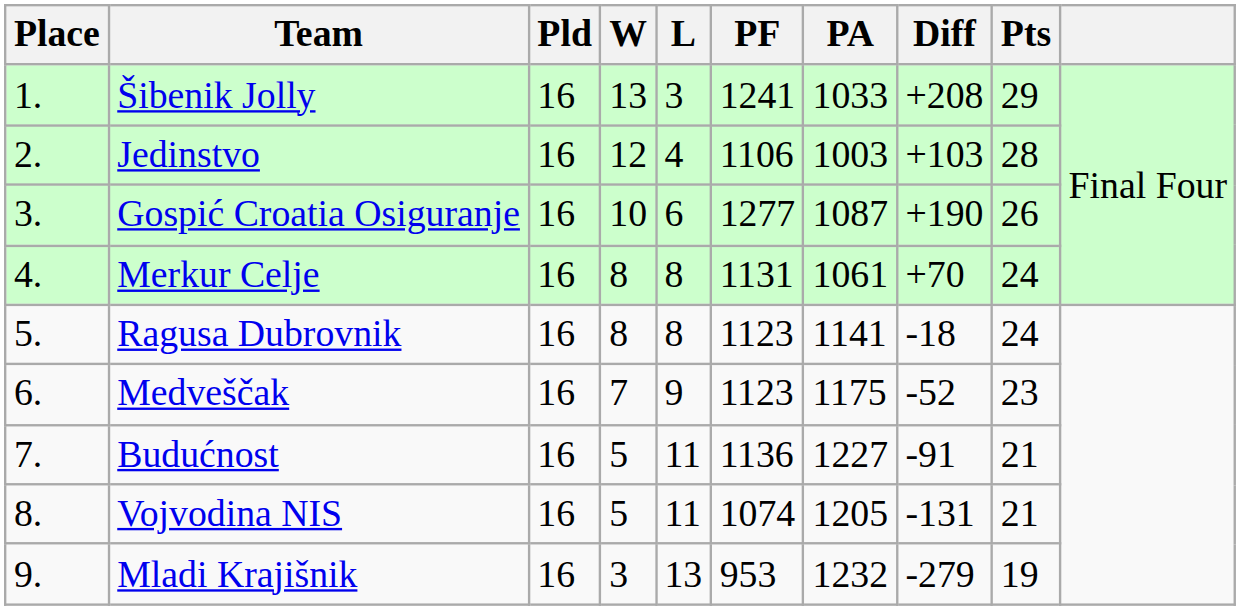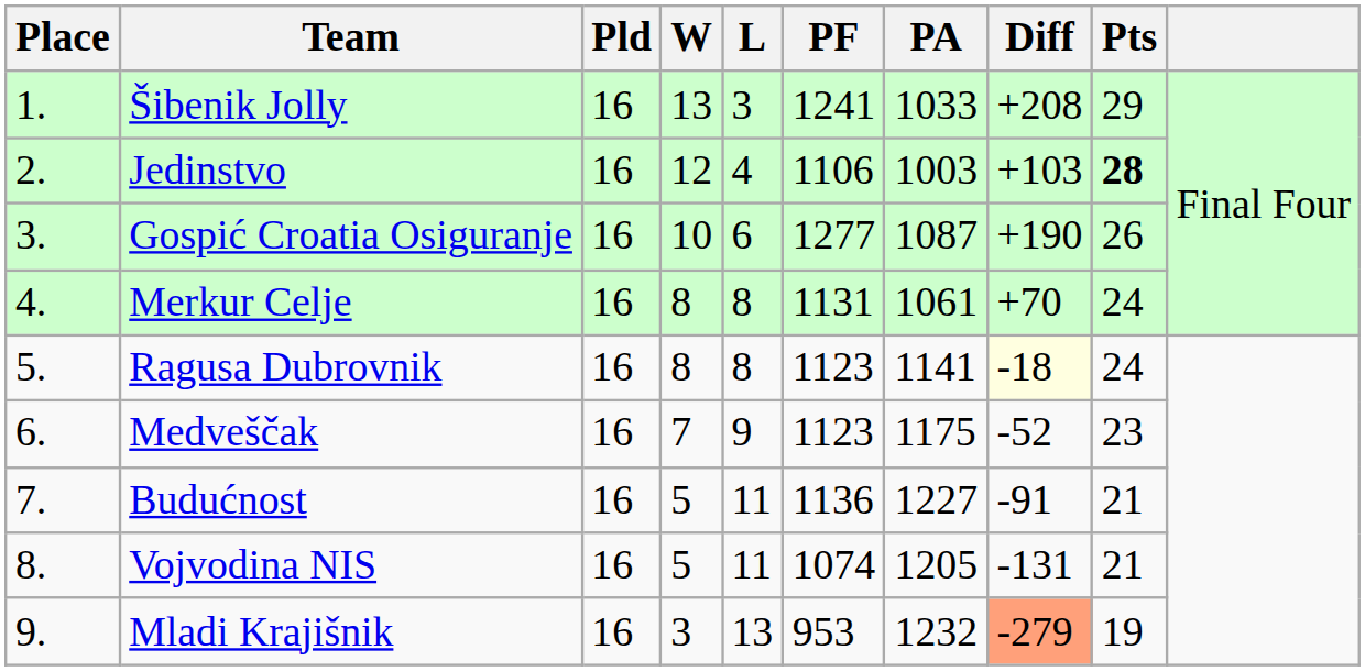 <table class="wikitable">
 <tr>
 <th>Place</th>
 <th>Team</th>
 <th>Pld</th>
 <th>W</th>
 <th>L</th>
 <th>PF</th>
 <th>PA</th>
 <th>Diff</th>
 <th>Pts</th>
 <th></th>
 </tr>
 <tr bgcolor=#ccffcc>
 <td>1.</td>
 <td> <a href='#'>Šibenik Jolly</a></td>
 <td>16</td>
 <td>13</td>
 <td>3</td>
 <td>1241</td>
 <td>1033</td>
 <td>+208</td>
 <td>29</td>
 <td rowspan="4">Final Four</td>
 </tr>
 <tr bgcolor=#ccffcc>
 <td>2.</td>
 <td> <a href='#'>Jedinstvo</a></td>
 <td>16</td>
 <td>12</td>
 <td>4</td>
 <td>1106</td>
 <td>1003</td>
 <td>+103</td>
-<td>28</td>
+<td><strong>28</strong></td>
 </tr>
 <tr bgcolor=#ccffcc>
 <td>3.</td>
 <td> <a href='#'>Gospić Croatia Osiguranje</a></td>
 <td>16</td>
 <td>10</td>
 <td>6</td>
 <td>1277</td>
 <td>1087</td>
 <td>+190</td>
 <td>26</td>
 </tr>
 <tr bgcolor=#ccffcc>
 <td>4.</td>
 <td> <a href='#'>Merkur Celje</a></td>
 <td>16</td>
 <td>8</td>
 <td>8</td>
 <td>1131</td>
 <td>1061</td>
 <td>+70</td>
 <td>24</td>
 </tr>
 <tr>
 <td>5.</td>
 <td> <a href='#'>Ragusa Dubrovnik</a></td>
 <td>16</td>
 <td>8</td>
 <td>8</td>
 <td>1123</td>
 <td>1141</td>
-<td>-18</td>
+<td style="background: lightyellow;">-18</td>
 <td>24</td>
 <td rowspan="5"></td>
 </tr>
 <tr>
 <td>6.</td>
 <td> <a href='#'>Medveščak</a></td>
 <td>16</td>
 <td>7</td>
 <td>9</td>
 <td>1123</td>
 <td>1175</td>
 <td>-52</td>
 <td>23</td>
 </tr>
 <tr>
 <td>7.</td>
 <td> <a href='#'>Budućnost</a></td>
 <td>16</td>
 <td>5</td>
 <td>11</td>
 <td>1136</td>
 <td>1227</td>
 <td>-91</td>
 <td>21</td>
 </tr>
 <tr>
 <td>8.</td>
 <td> <a href='#'>Vojvodina NIS</a></td>
 <td>16</td>
 <td>5</td>
 <td>11</td>
 <td>1074</td>
 <td>1205</td>
 <td>-131</td>
 <td>21</td>
 </tr>
 <tr>
 <td>9.</td>
 <td> <a href='#'>Mladi Krajišnik</a></td>
 <td>16</td>
 <td>3</td>
 <td>13</td>
 <td>953</td>
 <td>1232</td>
-<td>-279</td>
+<td style="background: lightsalmon;">-279</td>
 <td>19</td>
 </tr>
 </table>
